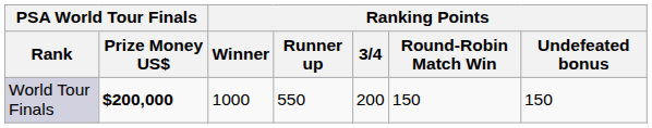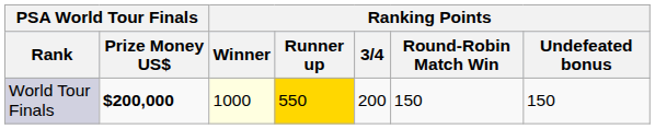 <table class="wikitable">
 <tr>
 <th colspan=2>PSA World Tour Finals</th>
 <th colspan=6>Ranking Points</th>
 </tr>
 <tr bgcolor="#d1e4fd">
 <th>Rank</th>
 <th>Prize Money US$</th>
 <th>Winner</th>
 <th>Runner up</th>
 <th>3/4</th>
 <th>Round-Robin Match Win</th>
 <th>Undefeated bonus</th>
 </tr>
 <tr>
 <td style="background:#d1d1e0;">World Tour Finals</td>
 <td><strong>$200,000</strong></td>
-<td>1000</td>
-<td>550</td>
+<td style="background: lightyellow;">1000</td>
+<td style="background: gold;">550</td>
 <td>200</td>
 <td>150</td>
 <td>150</td>
 </tr>
 </table>
